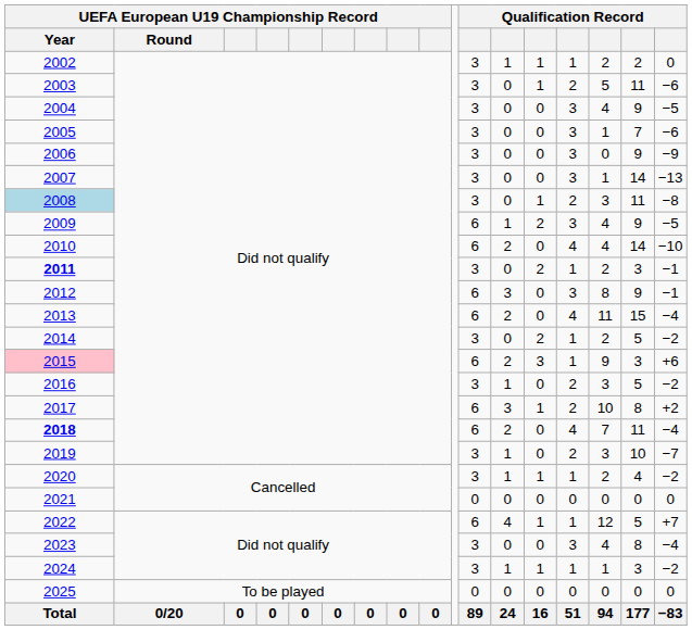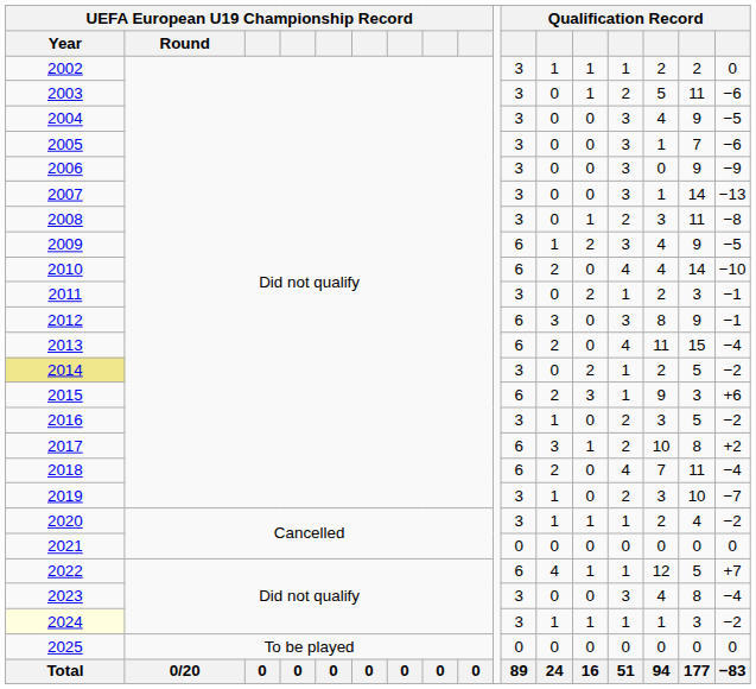 <table class="wikitable" style="text-align: center; font-size: 90%;">
 <tr>
 <th colspan=9>UEFA European U19 Championship Record</th>
 <td style="width:1%;" rowspan="27"></td>
 <th colspan=7>Qualification Record</th>
 </tr>
 <tr>
 <th width=100>Year</th>
 <th width=100>Round</th>
 <th width=25></th>
 <th width=25></th>
 <th width=25></th>
 <th width=25></th>
 <th width=25></th>
 <th width=25></th>
 <th width=25></th>
 <th width=25></th>
 <th width=25></th>
 <th width=25></th>
 <th width=25></th>
 <th width=25></th>
 <th width=25></th>
 <th width=25></th>
 </tr>
 <tr>
 <td> <a href='#'>2002</a></td>
 <td rowspan=18 colspan=8>Did not qualify</td>
 <td>3</td>
 <td>1</td>
 <td>1</td>
 <td>1</td>
 <td>2</td>
 <td>2</td>
 <td>0</td>
 </tr>
 <tr>
 <td> <a href='#'>2003</a></td>
 <td>3</td>
 <td>0</td>
 <td>1</td>
 <td>2</td>
 <td>5</td>
 <td>11</td>
 <td>−6</td>
 </tr>
 <tr>
 <td> <a href='#'>2004</a></td>
 <td>3</td>
 <td>0</td>
 <td>0</td>
 <td>3</td>
 <td>4</td>
 <td>9</td>
 <td>−5</td>
 </tr>
 <tr>
 <td> <a href='#'>2005</a></td>
 <td>3</td>
 <td>0</td>
 <td>0</td>
 <td>3</td>
 <td>1</td>
 <td>7</td>
 <td>−6</td>
 </tr>
 <tr>
 <td> <a href='#'>2006</a></td>
 <td>3</td>
 <td>0</td>
 <td>0</td>
 <td>3</td>
 <td>0</td>
 <td>9</td>
 <td>−9</td>
 </tr>
 <tr>
 <td> <a href='#'>2007</a></td>
 <td>3</td>
 <td>0</td>
 <td>0</td>
 <td>3</td>
 <td>1</td>
 <td>14</td>
 <td>−13</td>
 </tr>
 <tr>
-<td style="background: lightblue;"> <a href='#'>2008</a></td>
+<td> <a href='#'>2008</a></td>
 <td>3</td>
 <td>0</td>
 <td>1</td>
 <td>2</td>
 <td>3</td>
 <td>11</td>
 <td>−8</td>
 </tr>
 <tr>
 <td> <a href='#'>2009</a></td>
 <td>6</td>
 <td>1</td>
 <td>2</td>
 <td>3</td>
 <td>4</td>
 <td>9</td>
 <td>−5</td>
 </tr>
 <tr>
 <td> <a href='#'>2010</a></td>
 <td>6</td>
 <td>2</td>
 <td>0</td>
 <td>4</td>
 <td>4</td>
 <td>14</td>
 <td>−10</td>
 </tr>
 <tr>
-<td><strong> <a href='#'>2011</a></strong></td>
+<td> <a href='#'>2011</a></td>
 <td>3</td>
 <td>0</td>
 <td>2</td>
 <td>1</td>
 <td>2</td>
 <td>3</td>
 <td>−1</td>
 </tr>
 <tr>
 <td> <a href='#'>2012</a></td>
 <td>6</td>
 <td>3</td>
 <td>0</td>
 <td>3</td>
 <td>8</td>
 <td>9</td>
 <td>−1</td>
 </tr>
 <tr>
 <td> <a href='#'>2013</a></td>
 <td>6</td>
 <td>2</td>
 <td>0</td>
 <td>4</td>
 <td>11</td>
 <td>15</td>
 <td>−4</td>
 </tr>
 <tr>
-<td> <a href='#'>2014</a></td>
+<td style="background: khaki;"> <a href='#'>2014</a></td>
 <td>3</td>
 <td>0</td>
 <td>2</td>
 <td>1</td>
 <td>2</td>
 <td>5</td>
 <td>−2</td>
 </tr>
 <tr>
-<td style="background: pink;"> <a href='#'>2015</a></td>
+<td> <a href='#'>2015</a></td>
 <td>6</td>
 <td>2</td>
 <td>3</td>
 <td>1</td>
 <td>9</td>
 <td>3</td>
 <td>+6</td>
 </tr>
 <tr>
 <td> <a href='#'>2016</a></td>
 <td>3</td>
 <td>1</td>
 <td>0</td>
 <td>2</td>
 <td>3</td>
 <td>5</td>
 <td>−2</td>
 </tr>
 <tr>
 <td> <a href='#'>2017</a></td>
 <td>6</td>
 <td>3</td>
 <td>1</td>
 <td>2</td>
 <td>10</td>
 <td>8</td>
 <td>+2</td>
 </tr>
 <tr>
-<td><strong> <a href='#'>2018</a></strong></td>
+<td> <a href='#'>2018</a></td>
 <td>6</td>
 <td>2</td>
 <td>0</td>
 <td>4</td>
 <td>7</td>
 <td>11</td>
 <td>−4</td>
 </tr>
 <tr>
 <td> <a href='#'>2019</a></td>
 <td>3</td>
 <td>1</td>
 <td>0</td>
 <td>2</td>
 <td>3</td>
 <td>10</td>
 <td>−7</td>
 </tr>
 <tr>
 <td> <a href='#'>2020</a></td>
 <td rowspan=2 colspan=8>Cancelled</td>
 <td>3</td>
 <td>1</td>
 <td>1</td>
 <td>1</td>
 <td>2</td>
 <td>4</td>
 <td>−2</td>
 </tr>
 <tr>
 <td> <a href='#'>2021</a></td>
 <td>0</td>
 <td>0</td>
 <td>0</td>
 <td>0</td>
 <td>0</td>
 <td>0</td>
 <td>0</td>
 </tr>
 <tr>
 <td> <a href='#'>2022</a></td>
 <td rowspan=3 colspan=8>Did not qualify</td>
 <td>6</td>
 <td>4</td>
 <td>1</td>
 <td>1</td>
 <td>12</td>
 <td>5</td>
 <td>+7</td>
 </tr>
 <tr>
 <td> <a href='#'>2023</a></td>
 <td>3</td>
 <td>0</td>
 <td>0</td>
 <td>3</td>
 <td>4</td>
 <td>8</td>
 <td>−4</td>
 </tr>
 <tr>
-<td> <a href='#'>2024</a></td>
+<td style="background: lightyellow;"> <a href='#'>2024</a></td>
 <td>3</td>
 <td>1</td>
 <td>1</td>
 <td>1</td>
 <td>1</td>
 <td>3</td>
 <td>−2</td>
 </tr>
 <tr>
 <td> <a href='#'>2025</a></td>
 <td rowspan=1 colspan=8>To be played</td>
 <td>0</td>
 <td>0</td>
 <td>0</td>
 <td>0</td>
 <td>0</td>
 <td>0</td>
 <td>0</td>
 </tr>
 <tr>
 <th><strong>Total</strong></th>
 <th><strong>0/20</strong></th>
 <th><strong>0</strong></th>
 <th><strong>0</strong></th>
 <th><strong>0</strong></th>
 <th><strong>0</strong></th>
 <th><strong>0</strong></th>
 <th><strong>0</strong></th>
 <th><strong>0</strong></th>
 <th><strong>89</strong></th>
 <th><strong>24</strong></th>
 <th><strong>16</strong></th>
 <th><strong>51</strong></th>
 <th><strong>94</strong></th>
 <th><strong>177</strong></th>
 <th><strong>−83</strong></th>
 </tr>
 </table>
